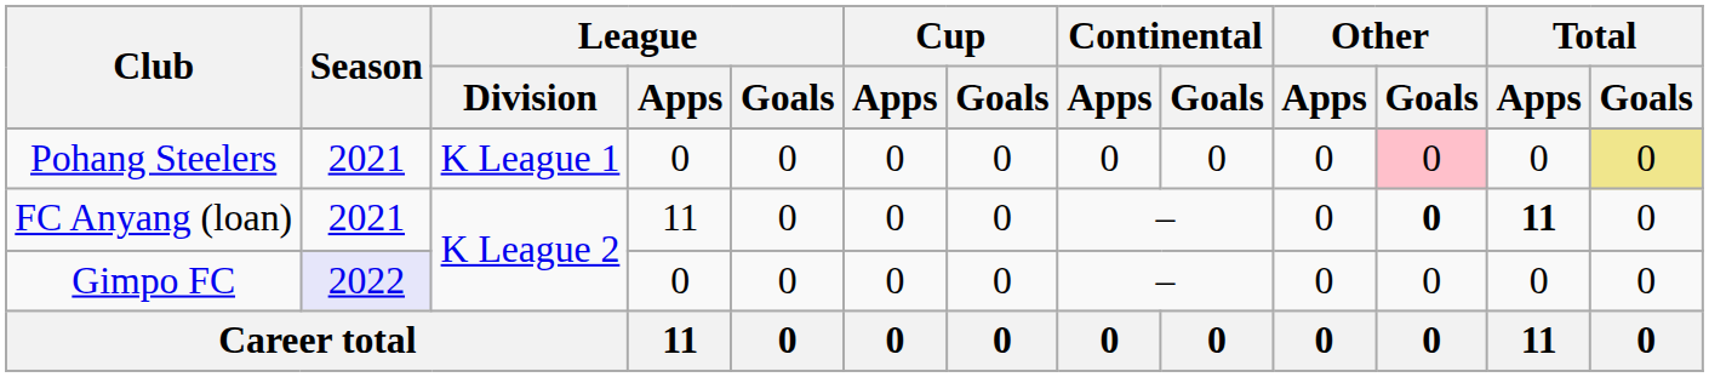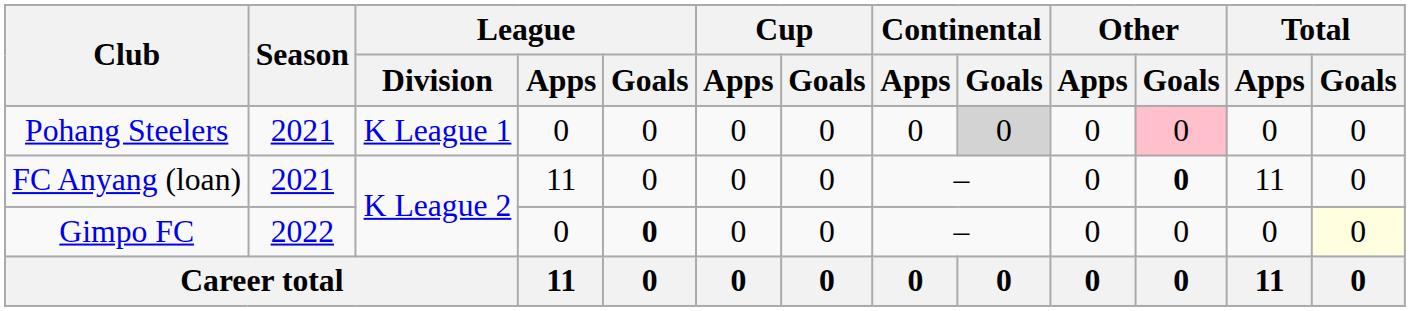 <table class="wikitable" style="text-align: center">
 <tr>
 <th rowspan="2">Club</th>
 <th rowspan="2">Season</th>
 <th colspan="3">League</th>
 <th colspan="2">Cup</th>
 <th colspan="2">Continental</th>
 <th colspan="2">Other</th>
 <th colspan="2">Total</th>
 </tr>
 <tr>
 <th>Division</th>
 <th>Apps</th>
 <th>Goals</th>
 <th>Apps</th>
 <th>Goals</th>
 <th>Apps</th>
 <th>Goals</th>
 <th>Apps</th>
 <th>Goals</th>
 <th>Apps</th>
 <th>Goals</th>
 </tr>
 <tr>
 <td><a href='#'>Pohang Steelers</a></td>
 <td><a href='#'>2021</a></td>
 <td><a href='#'>K League 1</a></td>
 <td>0</td>
 <td>0</td>
 <td>0</td>
 <td>0</td>
 <td>0</td>
-<td>0</td>
+<td style="background: lightgrey;">0</td>
 <td>0</td>
 <td style="background: pink;">0</td>
 <td>0</td>
-<td style="background: khaki;">0</td>
+<td>0</td>
 </tr>
 <tr>
 <td><a href='#'>FC Anyang</a> (loan)</td>
 <td><a href='#'>2021</a></td>
 <td rowspan="2"><a href='#'>K League 2</a></td>
 <td>11</td>
 <td>0</td>
 <td>0</td>
 <td>0</td>
 <td colspan="2">–</td>
 <td>0</td>
 <td><strong>0</strong></td>
-<td><strong>11</strong></td>
+<td>11</td>
 <td>0</td>
 </tr>
 <tr>
 <td><a href='#'>Gimpo FC</a></td>
-<td style="background: lavender;"><a href='#'>2022</a></td>
+<td><a href='#'>2022</a></td>
 <td>0</td>
-<td>0</td>
+<td><strong>0</strong></td>
 <td>0</td>
 <td>0</td>
 <td colspan="2">–</td>
 <td>0</td>
 <td>0</td>
 <td>0</td>
-<td>0</td>
+<td style="background: lightyellow;">0</td>
 </tr>
 <tr>
 <th colspan=3>Career total</th>
 <th>11</th>
 <th>0</th>
 <th>0</th>
 <th>0</th>
 <th>0</th>
 <th>0</th>
 <th>0</th>
 <th>0</th>
 <th>11</th>
 <th>0</th>
 </tr>
 </table>
